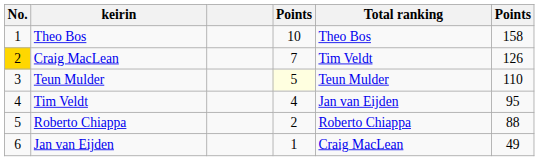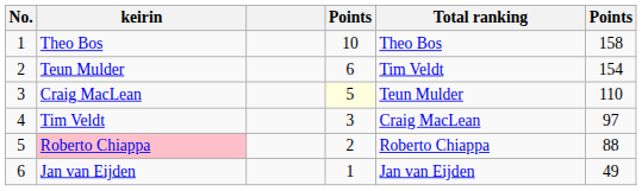 <table class="wikitable">
 <tr>
 <th width="20px">No.</th>
 <th width="200px">keirin</th>
 <th width="70px"></th>
 <th width="40px">Points</th>
 <th width="200px">Total ranking</th>
 <th width="40px">Points</th>
 </tr>
 <tr align=center>
 <td>1</td>
 <td align=left> <a href='#'>Theo Bos</a></td>
 <td></td>
 <td>10</td>
 <td align=left> <a href='#'>Theo Bos</a></td>
 <td>158</td>
 </tr>
 <tr align=center>
-<td style="background: gold;">2</td>
-<td align=left> <a href='#'>Craig MacLean</a></td>
+<td>2</td>
+<td align=left> <a href='#'>Teun Mulder</a></td>
 <td></td>
-<td>7</td>
+<td>6</td>
 <td align=left> <a href='#'>Tim Veldt</a></td>
-<td>126</td>
+<td>154</td>
 </tr>
 <tr align=center>
 <td>3</td>
-<td align=left> <a href='#'>Teun Mulder</a></td>
+<td align=left> <a href='#'>Craig MacLean</a></td>
 <td></td>
 <td style="background: lightyellow;">5</td>
 <td align=left> <a href='#'>Teun Mulder</a></td>
 <td>110</td>
 </tr>
 <tr align=center>
 <td>4</td>
 <td align=left> <a href='#'>Tim Veldt</a></td>
 <td></td>
-<td>4</td>
-<td align=left> <a href='#'>Jan van Eijden</a></td>
-<td>95</td>
+<td>3</td>
+<td align=left> <a href='#'>Craig MacLean</a></td>
+<td>97</td>
 </tr>
 <tr align=center>
 <td>5</td>
-<td align=left> <a href='#'>Roberto Chiappa</a></td>
+<td align=left style="background: pink;"> <a href='#'>Roberto Chiappa</a></td>
 <td></td>
 <td>2</td>
 <td align=left> <a href='#'>Roberto Chiappa</a></td>
 <td>88</td>
 </tr>
 <tr align=center>
 <td>6</td>
 <td align=left> <a href='#'>Jan van Eijden</a></td>
 <td></td>
 <td>1</td>
-<td align=left> <a href='#'>Craig MacLean</a></td>
+<td align=left> <a href='#'>Jan van Eijden</a></td>
 <td>49</td>
 </tr>
 </table>
